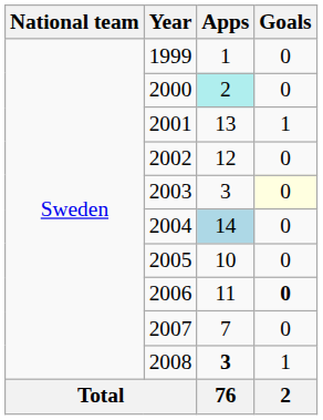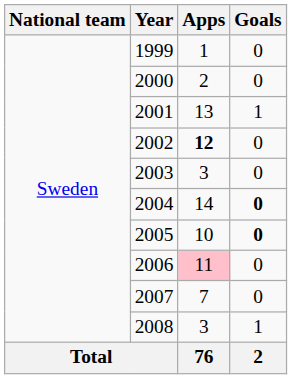 <table class="wikitable" style="text-align:center">
 <tr>
 <th>National team</th>
 <th>Year</th>
 <th>Apps</th>
 <th>Goals</th>
 </tr>
 <tr>
 <td rowspan="10"><a href='#'>Sweden</a></td>
 <td>1999</td>
 <td>1</td>
 <td>0</td>
 </tr>
 <tr>
 <td>2000</td>
-<td style="background: paleturquoise;">2</td>
+<td>2</td>
 <td>0</td>
 </tr>
 <tr>
 <td>2001</td>
 <td>13</td>
 <td>1</td>
 </tr>
 <tr>
 <td>2002</td>
-<td>12</td>
+<td><strong>12</strong></td>
 <td>0</td>
 </tr>
 <tr>
 <td>2003</td>
 <td>3</td>
-<td style="background: lightyellow;">0</td>
+<td>0</td>
 </tr>
 <tr>
 <td>2004</td>
-<td style="background: lightblue;">14</td>
-<td>0</td>
+<td>14</td>
+<td><strong>0</strong></td>
 </tr>
 <tr>
 <td>2005</td>
 <td>10</td>
-<td>0</td>
+<td><strong>0</strong></td>
 </tr>
 <tr>
 <td>2006</td>
-<td>11</td>
-<td><strong>0</strong></td>
+<td style="background: pink;">11</td>
+<td>0</td>
 </tr>
 <tr>
 <td>2007</td>
 <td>7</td>
 <td>0</td>
 </tr>
 <tr>
 <td>2008</td>
-<td><strong>3</strong></td>
+<td>3</td>
 <td>1</td>
 </tr>
 <tr>
 <th colspan="2">Total</th>
 <th>76</th>
 <th>2</th>
 </tr>
 </table>
